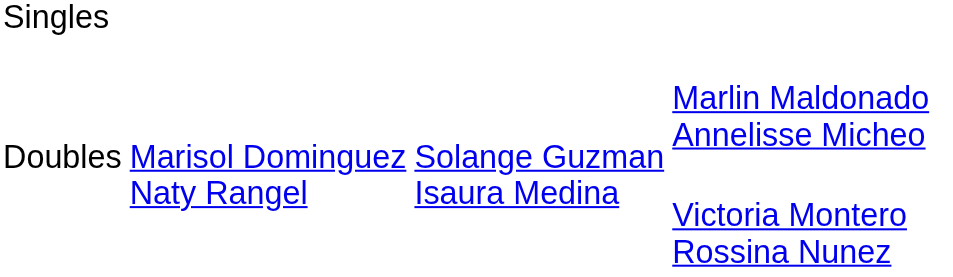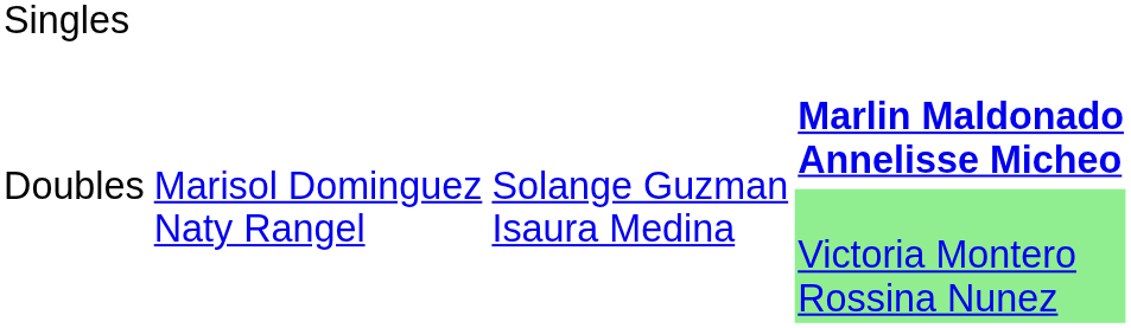 <table>
 <tr>
 <td rowspan=2>Singles</td>
 <td rowspan=2></td>
 <td rowspan=2></td>
 <td></td>
 </tr>
 <tr>
 <td></td>
 </tr>
 <tr>
 <td rowspan=2>Doubles</td>
 <td rowspan=2><br><a href='#'>Marisol Dominguez</a><br><a href='#'>Naty Rangel</a></td>
 <td rowspan=2><br><a href='#'>Solange Guzman</a><br><a href='#'>Isaura Medina</a></td>
-<td><br><a href='#'>Marlin Maldonado</a><br><a href='#'>Annelisse Micheo</a></td>
+<td><strong><br><a href='#'>Marlin Maldonado</a><br><a href='#'>Annelisse Micheo</a></strong></td>
 </tr>
 <tr>
-<td><br><a href='#'>Victoria Montero</a><br><a href='#'>Rossina Nunez</a></td>
+<td style="background: lightgreen;"><br><a href='#'>Victoria Montero</a><br><a href='#'>Rossina Nunez</a></td>
 </tr>
 </table>
